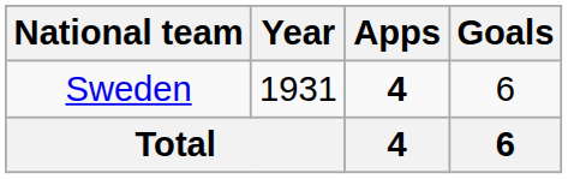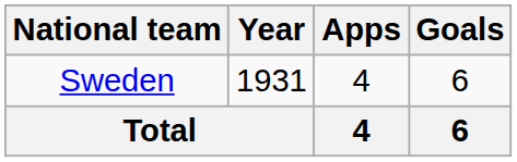 <table class=wikitable style=text-align:center>
 <tr>
 <th>National team</th>
 <th>Year</th>
 <th>Apps</th>
 <th>Goals</th>
 </tr>
 <tr>
 <td rowspan="1"><a href='#'>Sweden</a></td>
 <td>1931</td>
-<td><strong>4</strong></td>
+<td>4</td>
 <td>6</td>
 </tr>
 <tr>
 <th colspan="2">Total</th>
 <th>4</th>
 <th>6</th>
 </tr>
 </table>
